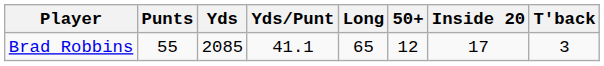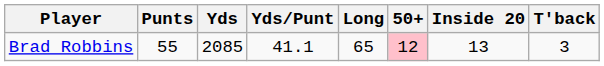 <table class="wikitable sortable sortable" style="text-align: center">
 <tr align=center>
 <th>Player</th>
 <th>Punts</th>
 <th>Yds</th>
 <th>Yds/Punt</th>
 <th>Long</th>
 <th>50+</th>
 <th>Inside 20</th>
 <th>T'back</th>
 </tr>
 <tr>
 <td><a href='#'>Brad Robbins</a></td>
 <td>55</td>
 <td>2085</td>
 <td>41.1</td>
 <td>65</td>
-<td>12</td>
-<td>17</td>
+<td style="background: pink;">12</td>
+<td>13</td>
 <td>3</td>
 </tr>
 </table>
